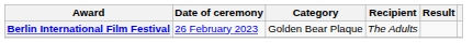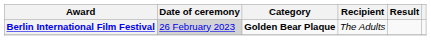 <table class="wikitable sortable plainrowheaders">
 <tr>
 <th>Award</th>
 <th>Date of ceremony</th>
 <th>Category</th>
 <th>Recipient</th>
 <th>Result</th>
 <th></th>
 </tr>
 <tr>
 <th scope="row"><a href='#'>Berlin International Film Festival</a></th>
-<td><a href='#'>26 February 2023</a></td>
-<td>Golden Bear Plaque</td>
+<td style="background: lightgrey;"><a href='#'>26 February 2023</a></td>
+<td><strong>Golden Bear Plaque</strong></td>
 <td><em>The Adults</em></td>
 <td></td>
 <td align="center" rowspan="1"></td>
 </tr>
 <tr>
 </tr>
 </table>
